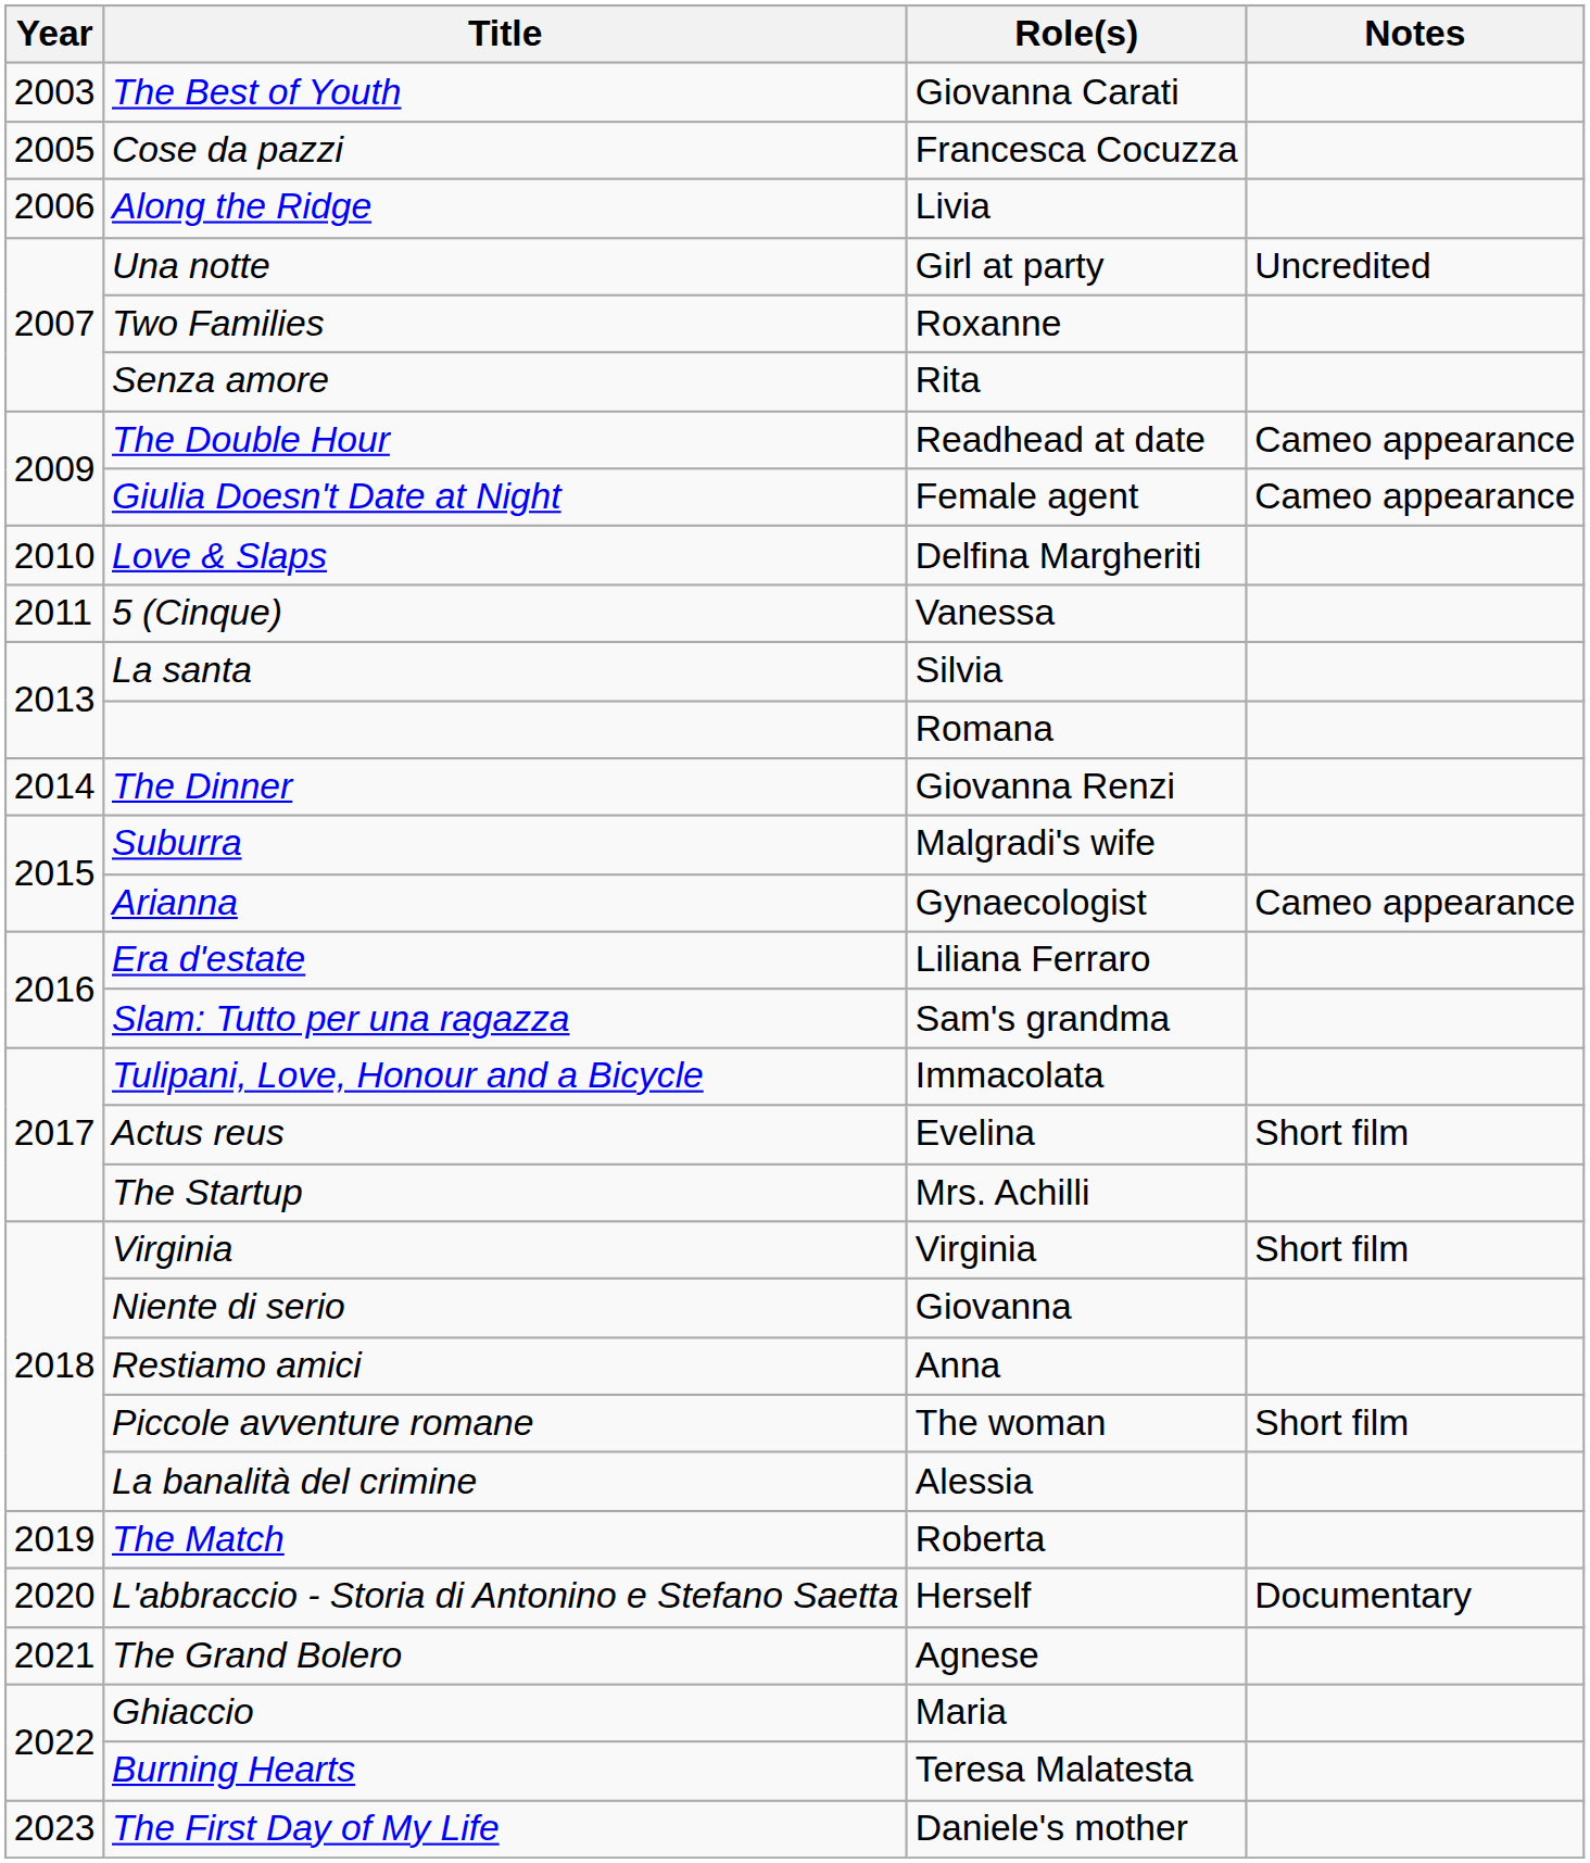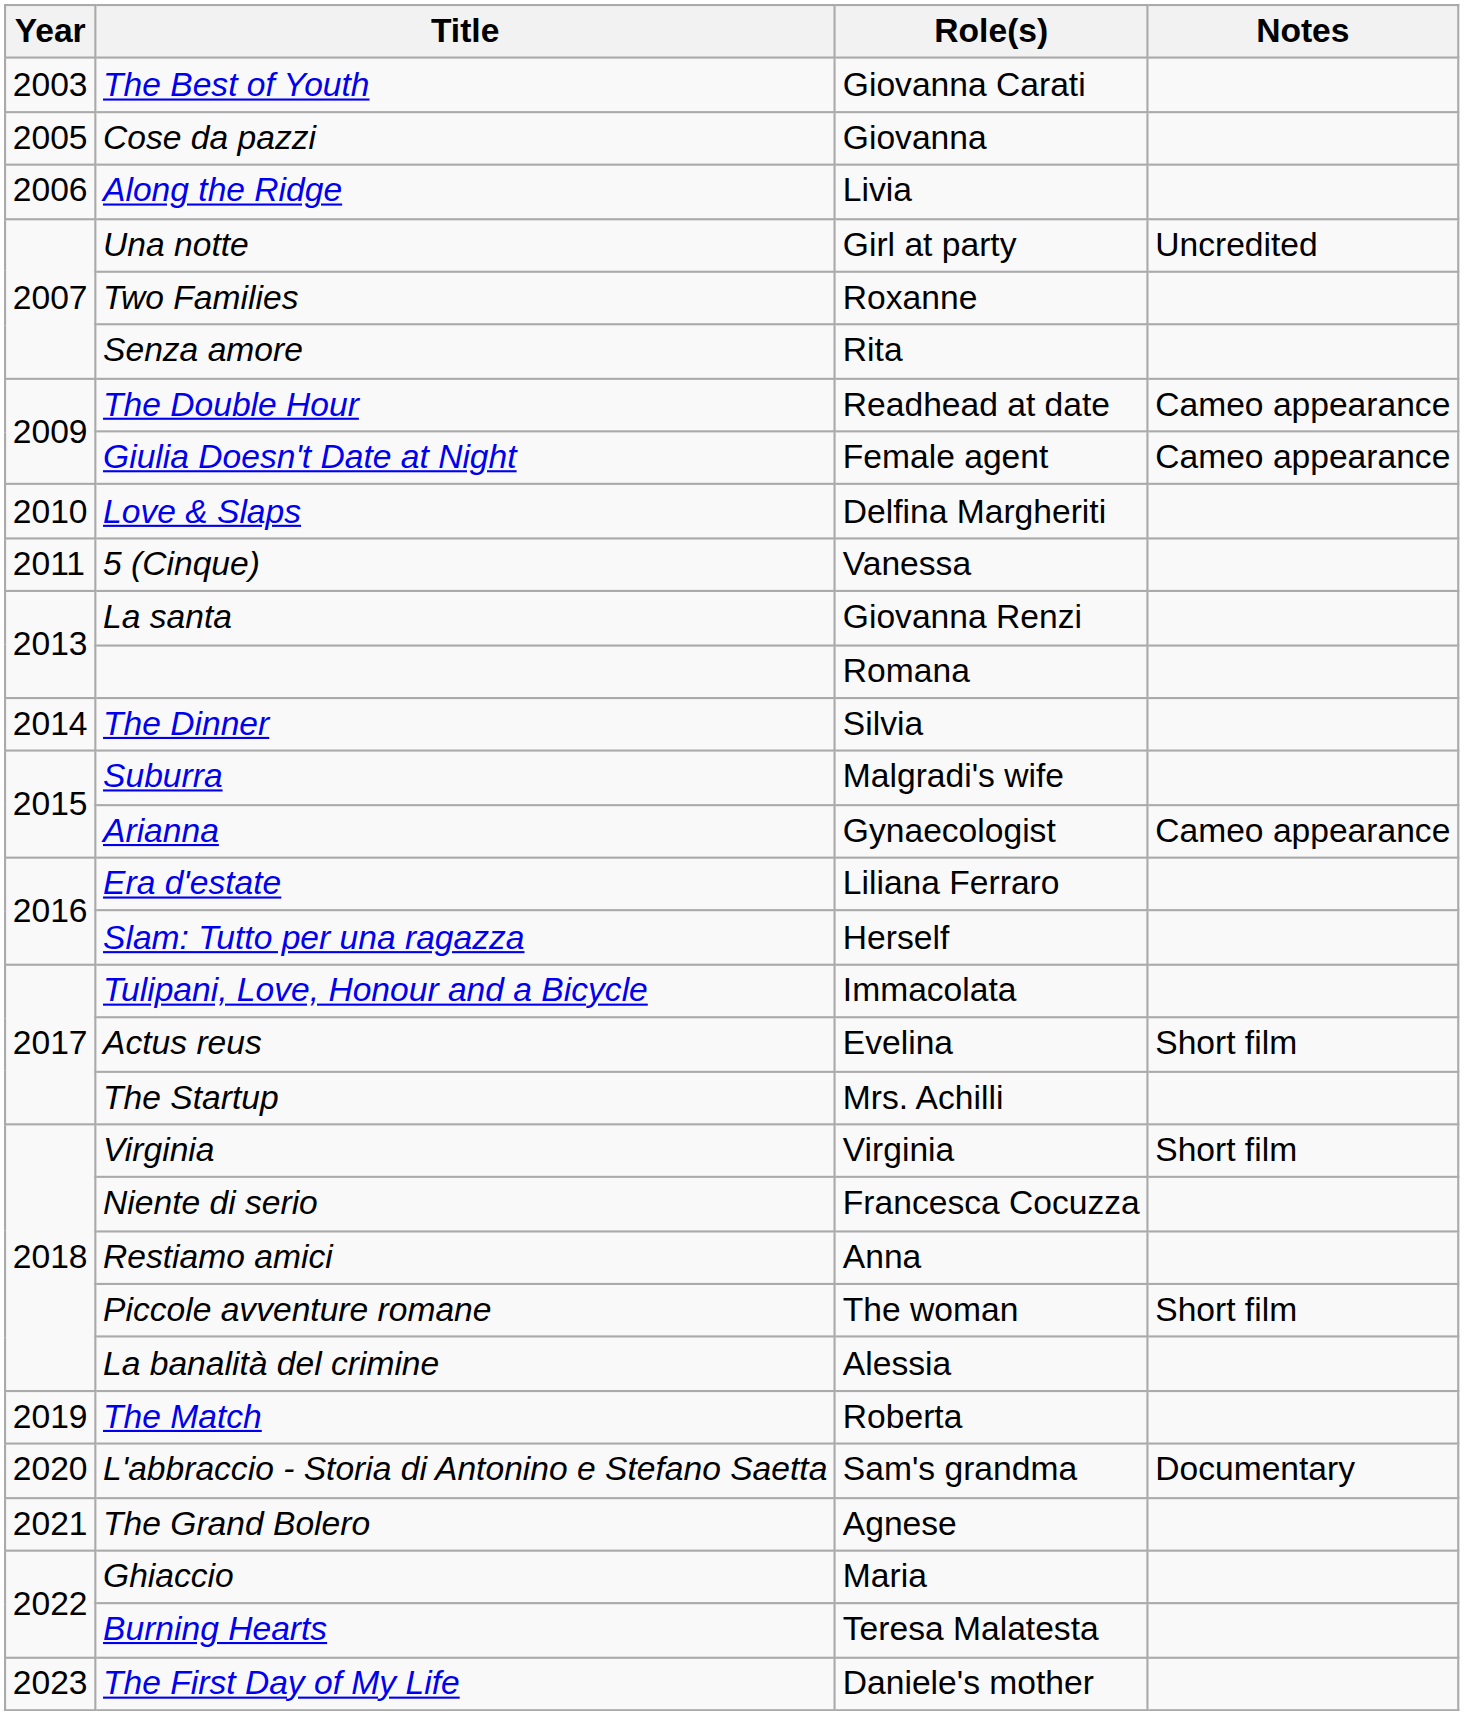 <table class="wikitable plainrowheaders sortable">
 <tr>
 <th scope="col">Year</th>
 <th scope="col">Title</th>
 <th scope="col">Role(s)</th>
 <th scope="col" class="unsortable">Notes</th>
 </tr>
 <tr>
 <td>2003</td>
 <td><em><a href='#'>The Best of Youth</a></em></td>
 <td>Giovanna Carati</td>
 <td></td>
 </tr>
 <tr>
 <td>2005</td>
 <td><em>Cose da pazzi</em></td>
-<td>Francesca Cocuzza</td>
+<td>Giovanna</td>
 <td></td>
 </tr>
 <tr>
 <td>2006</td>
 <td><em><a href='#'>Along the Ridge</a></em></td>
 <td>Livia</td>
 <td></td>
 </tr>
 <tr>
 <td rowspan="3">2007</td>
 <td><em>Una notte</em></td>
 <td>Girl at party</td>
 <td>Uncredited</td>
 </tr>
 <tr>
 <td><em>Two Families</em></td>
 <td>Roxanne</td>
 <td></td>
 </tr>
 <tr>
 <td><em>Senza amore</em></td>
 <td>Rita</td>
 <td></td>
 </tr>
 <tr>
 <td rowspan="2">2009</td>
 <td><em><a href='#'>The Double Hour</a></em></td>
 <td>Readhead at date</td>
 <td>Cameo appearance</td>
 </tr>
 <tr>
 <td><em><a href='#'>Giulia Doesn't Date at Night</a></em></td>
 <td>Female agent</td>
 <td>Cameo appearance</td>
 </tr>
 <tr>
 <td>2010</td>
 <td><em><a href='#'>Love & Slaps</a></em></td>
 <td>Delfina Margheriti</td>
 <td></td>
 </tr>
 <tr>
 <td>2011</td>
 <td><em>5 (Cinque)</em></td>
 <td>Vanessa</td>
 <td></td>
 </tr>
 <tr>
 <td rowspan="2">2013</td>
 <td><em>La santa</em></td>
-<td>Silvia</td>
+<td>Giovanna Renzi</td>
 <td></td>
 </tr>
 <tr>
 <td><em></em></td>
 <td>Romana</td>
 <td></td>
 </tr>
 <tr>
 <td>2014</td>
 <td><em><a href='#'>The Dinner</a></em></td>
-<td>Giovanna Renzi</td>
+<td>Silvia</td>
 <td></td>
 </tr>
 <tr>
 <td rowspan="2">2015</td>
 <td><em><a href='#'>Suburra</a></em></td>
 <td>Malgradi's wife</td>
 <td></td>
 </tr>
 <tr>
 <td><em><a href='#'>Arianna</a></em></td>
 <td>Gynaecologist</td>
 <td>Cameo appearance</td>
 </tr>
 <tr>
 <td rowspan="2">2016</td>
 <td><em><a href='#'>Era d'estate</a></em></td>
 <td>Liliana Ferraro</td>
 <td></td>
 </tr>
 <tr>
 <td><em><a href='#'>Slam: Tutto per una ragazza</a></em></td>
-<td>Sam's grandma</td>
+<td>Herself</td>
 <td></td>
 </tr>
 <tr>
 <td rowspan="3">2017</td>
 <td><em><a href='#'>Tulipani, Love, Honour and a Bicycle</a></em></td>
 <td>Immacolata</td>
 <td></td>
 </tr>
 <tr>
 <td><em>Actus reus</em></td>
 <td>Evelina</td>
 <td>Short film</td>
 </tr>
 <tr>
 <td><em>The Startup</em></td>
 <td>Mrs. Achilli</td>
 <td></td>
 </tr>
 <tr>
 <td rowspan="5">2018</td>
 <td><em>Virginia</em></td>
 <td>Virginia</td>
 <td>Short film</td>
 </tr>
 <tr>
 <td><em>Niente di serio</em></td>
-<td>Giovanna</td>
+<td>Francesca Cocuzza</td>
 <td></td>
 </tr>
 <tr>
 <td><em>Restiamo amici</em></td>
 <td>Anna</td>
 <td></td>
 </tr>
 <tr>
 <td><em>Piccole avventure romane</em></td>
 <td>The woman</td>
 <td>Short film</td>
 </tr>
 <tr>
 <td><em>La banalità del crimine</em></td>
 <td>Alessia</td>
 <td></td>
 </tr>
 <tr>
 <td>2019</td>
 <td><em><a href='#'>The Match</a></em></td>
 <td>Roberta</td>
 <td></td>
 </tr>
 <tr>
 <td>2020</td>
 <td><em>L'abbraccio - Storia di Antonino e Stefano Saetta</em></td>
-<td>Herself</td>
+<td>Sam's grandma</td>
 <td>Documentary</td>
 </tr>
 <tr>
 <td>2021</td>
 <td><em>The Grand Bolero</em></td>
 <td>Agnese</td>
 <td></td>
 </tr>
 <tr>
 <td rowspan="2">2022</td>
 <td><em>Ghiaccio</em></td>
 <td>Maria</td>
 <td></td>
 </tr>
 <tr>
 <td><em><a href='#'>Burning Hearts</a></em></td>
 <td>Teresa Malatesta</td>
 <td></td>
 </tr>
 <tr>
 <td>2023</td>
 <td><em><a href='#'>The First Day of My Life</a></em></td>
 <td>Daniele's mother</td>
 <td></td>
 </tr>
 </table>
